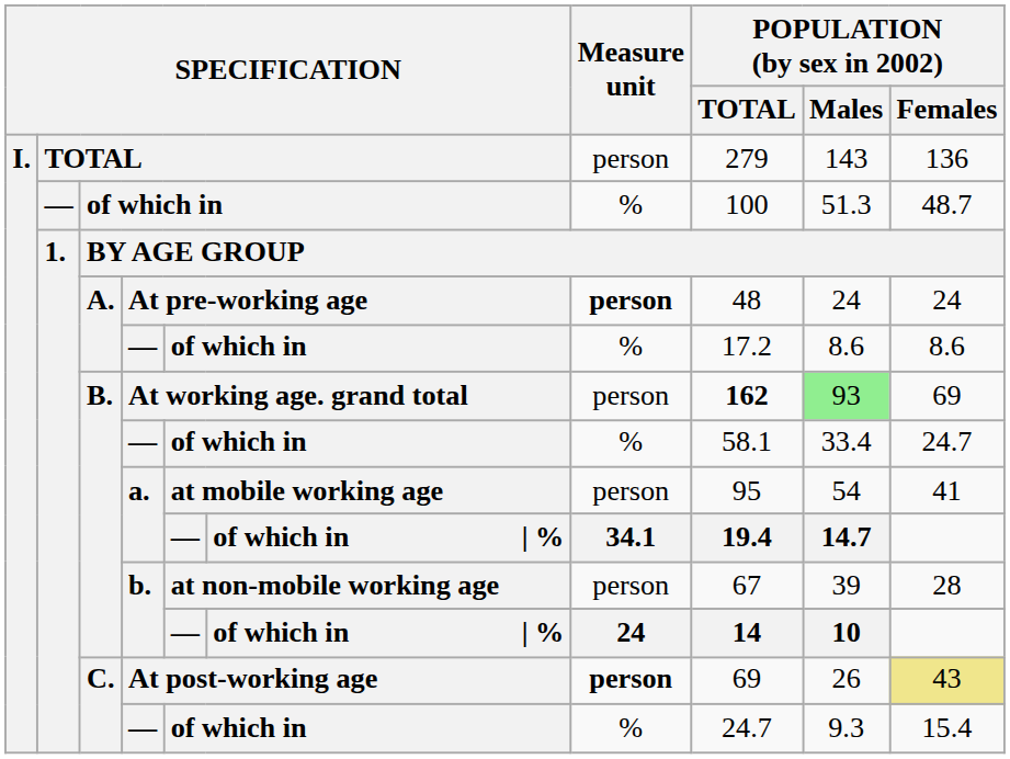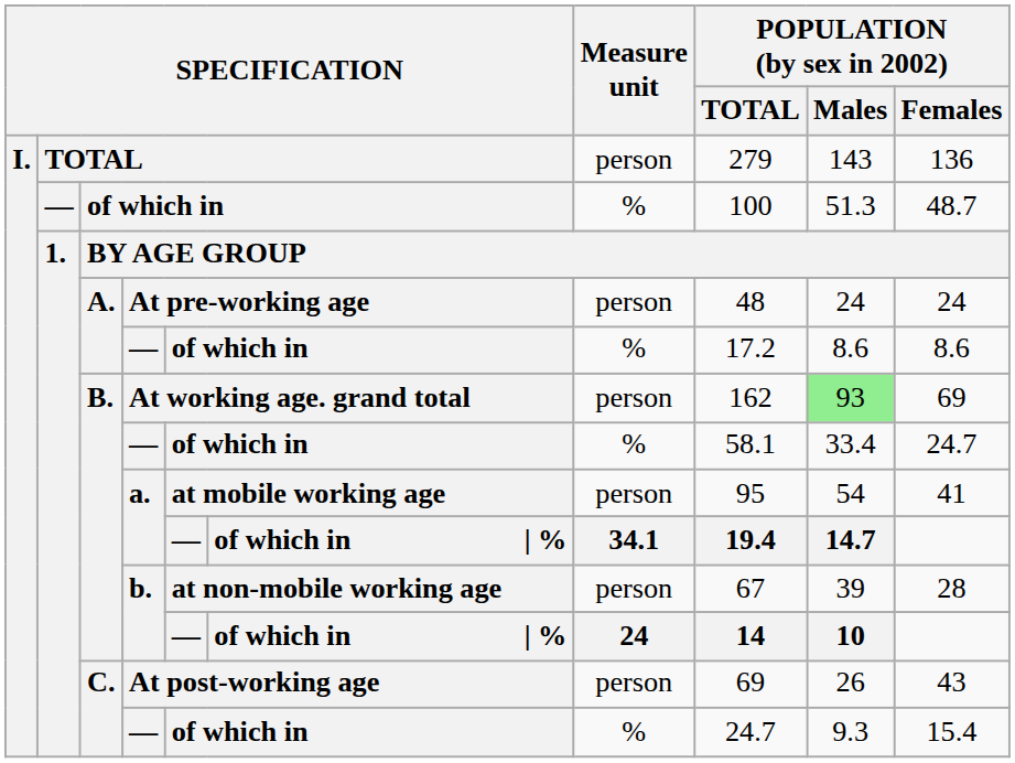 <table class="wikitable" style="font-size:85%; text-align:center">
 <tr>
 <th rowspan="2" colspan="6">SPECIFICATION</th>
 <th rowspan="2">Measure<br> unit</th>
 <th colspan="3" rowspan="1">POPULATION<br> (by sex in 2002)</th>
 </tr>
 <tr>
 <th>TOTAL</th>
 <th>Males</th>
 <th>Females</th>
 </tr>
 <tr>
 <th style="text-align:left" valign="top" rowspan="13">I.</th>
 <th style="text-align:left" colspan="5">TOTAL</th>
 <td>person</td>
 <td>279</td>
 <td>143</td>
 <td>136</td>
 </tr>
 <tr>
 <th style="text-align:left" valign="top">—</th>
 <th style="text-align:left" colspan="4">of which in</th>
 <td>%</td>
 <td>100</td>
 <td>51.3</td>
 <td>48.7</td>
 </tr>
 <tr>
 <th style="text-align:left" valign="top" rowspan="11">1.</th>
 <th style="text-align:left" colspan="19">BY AGE GROUP</th>
 </tr>
 <tr>
 <th style="text-align:left" valign="top" rowspan="2">A.</th>
 <th style="text-align:left" colspan="3">At pre-working age</th>
-<td><strong>person</strong></td>
+<td>person</td>
 <td>48</td>
 <td>24</td>
 <td>24</td>
 </tr>
 <tr>
 <th style="text-align:left" valign="top">—</th>
 <th style="text-align:left" valign="top" colspan="2">of which in</th>
 <td>%</td>
 <td>17.2</td>
 <td>8.6</td>
 <td>8.6</td>
 </tr>
 <tr>
 <th style="text-align:left" valign="top" rowspan="6">B.</th>
 <th style="text-align:left" colspan="3">At working age. grand total</th>
 <td>person</td>
-<td><strong>162</strong></td>
+<td>162</td>
 <td style="background: lightgreen;">93</td>
 <td>69</td>
 </tr>
 <tr>
 <th style="text-align:left" valign="top">—</th>
 <th style="text-align:left" valign="top" colspan="2">of which in</th>
 <td>%</td>
 <td>58.1</td>
 <td>33.4</td>
 <td>24.7</td>
 </tr>
 <tr>
 <th style="text-align:left" valign="top" rowspan="2">a.</th>
 <th style="text-align:left" colspan="2">at mobile working age</th>
 <td>person</td>
 <td>95</td>
 <td>54</td>
 <td>41</td>
 </tr>
 <tr>
 <th style="text-align:left" valign="top">—</th>
 <th style="text-align:left" valign="top" colspan="1">of which in                        | %</th>
 <th>34.1</th>
 <th>19.4</th>
 <th>14.7</th>
 </tr>
 <tr>
 <th style="text-align:left" valign="top" rowspan="2">b.</th>
 <th style="text-align:left" colspan="2">at non-mobile working age</th>
 <td>person</td>
 <td>67</td>
 <td>39</td>
 <td>28</td>
 </tr>
 <tr>
 <th style="text-align:left" valign="top">—</th>
 <th style="text-align:left" valign="top" colspan="1">of which in                        | %</th>
 <th>24</th>
 <th>14</th>
 <th>10</th>
 </tr>
 <tr>
 <th style="text-align:left" valign="top" rowspan="2">C.</th>
 <th style="text-align:left" colspan="3">At post-working age</th>
-<td><strong>person</strong></td>
+<td>person</td>
 <td>69</td>
 <td>26</td>
-<td style="background: khaki;">43</td>
+<td>43</td>
 </tr>
 <tr>
 <th style="text-align:left" valign="top">—</th>
 <th style="text-align:left" valign="top" colspan="2">of which in</th>
 <td>%</td>
 <td>24.7</td>
 <td>9.3</td>
 <td>15.4</td>
 </tr>
 </table>
